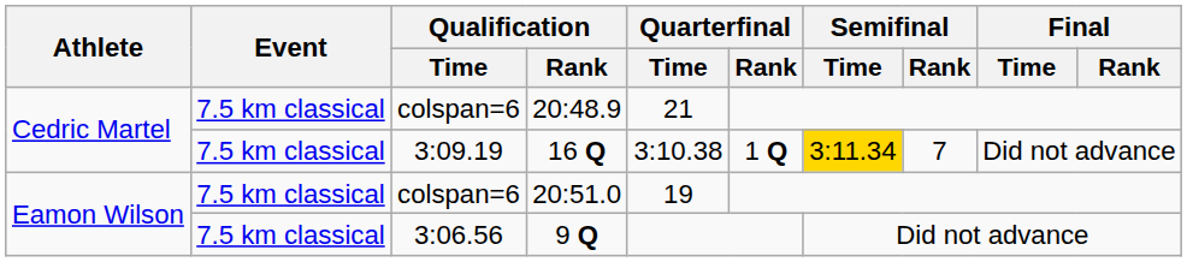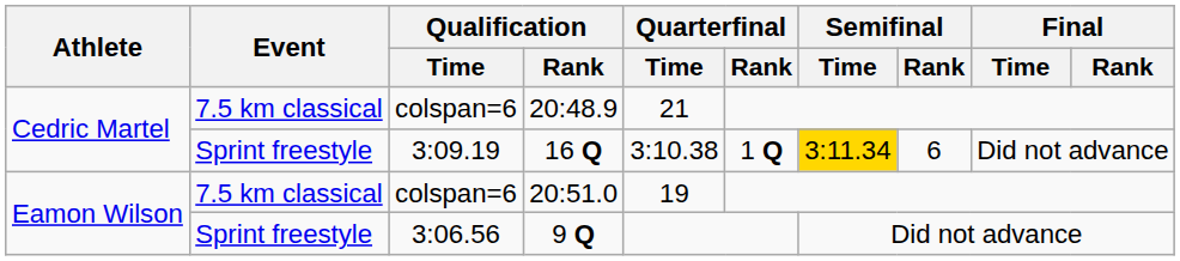 <table class="wikitable" style="font-size:90%">
 <tr>
 <th rowspan="2">Athlete</th>
 <th rowspan="2">Event</th>
 <th colspan="2">Qualification</th>
 <th colspan="2">Quarterfinal</th>
 <th colspan="2">Semifinal</th>
 <th colspan="2">Final</th>
 </tr>
 <tr style="font-size:95%">
 <th>Time</th>
 <th>Rank</th>
 <th>Time</th>
 <th>Rank</th>
 <th>Time</th>
 <th>Rank</th>
 <th>Time</th>
 <th>Rank</th>
 </tr>
 <tr align=center>
 <td align=left rowspan=2><a href='#'>Cedric Martel</a></td>
 <td align=left><a href='#'>7.5 km classical</a></td>
 <td>colspan=6</td>
 <td>20:48.9</td>
 <td>21</td>
 </tr>
 <tr align=center>
-<td align=left><a href='#'>7.5 km classical</a></td>
+<td align=left><a href='#'>Sprint freestyle</a></td>
 <td>3:09.19</td>
 <td>16 <strong>Q</strong></td>
 <td>3:10.38</td>
 <td>1 <strong>Q</strong></td>
 <td style="background: gold;">3:11.34</td>
-<td>7</td>
+<td>6</td>
 <td colspan=2>Did not advance</td>
 </tr>
 <tr align=center>
 <td align=left rowspan=2><a href='#'>Eamon Wilson</a></td>
 <td align=left><a href='#'>7.5 km classical</a></td>
 <td>colspan=6</td>
 <td>20:51.0</td>
 <td>19</td>
 </tr>
 <tr align=center>
-<td align=left><a href='#'>7.5 km classical</a></td>
+<td align=left><a href='#'>Sprint freestyle</a></td>
 <td>3:06.56</td>
 <td>9 <strong>Q</strong></td>
 <td colspan=2></td>
 <td colspan=4>Did not advance</td>
 </tr>
 </table>
